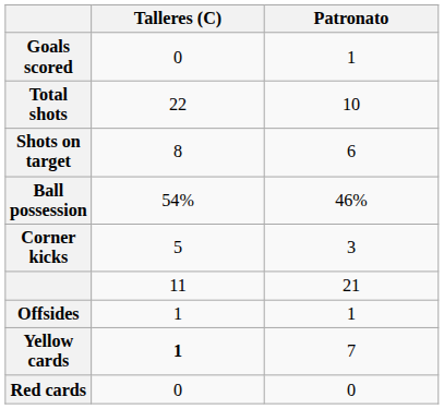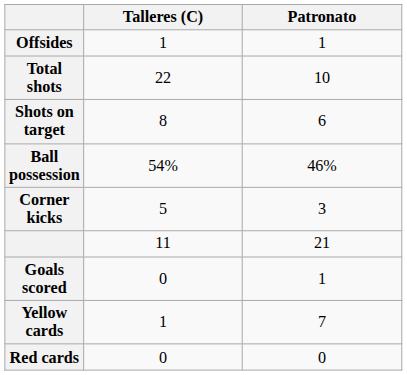 <table class="wikitable" style="text-align: center; margin: 0 auto;">
 <tr>
 <th scope="col" style="width:70px"></th>
 <th scope="col" style="width:150px">Talleres (C)</th>
 <th scope="col" style="width:150px">Patronato</th>
 </tr>
 <tr>
-<th scope=row>Goals scored</th>
-<td>0</td>
+<th scope=row>Offsides</th>
+<td>1</td>
 <td>1</td>
 </tr>
 <tr>
 <th scope=row>Total shots</th>
 <td>22</td>
 <td>10</td>
 </tr>
 <tr>
 <th scope=row>Shots on target</th>
 <td>8</td>
 <td>6</td>
 </tr>
 <tr>
 <th scope=row>Ball possession</th>
 <td>54%</td>
 <td>46%</td>
 </tr>
 <tr>
 <th scope=row>Corner kicks</th>
 <td>5</td>
 <td>3</td>
 </tr>
 <tr>
 <th scope=row></th>
 <td>11</td>
 <td>21</td>
 </tr>
 <tr>
-<th scope=row>Offsides</th>
-<td>1</td>
+<th scope=row>Goals scored</th>
+<td>0</td>
 <td>1</td>
 </tr>
 <tr>
 <th scope=row>Yellow cards</th>
-<td><strong>1</strong></td>
+<td>1</td>
 <td>7</td>
 </tr>
 <tr>
 <th scope=row>Red cards</th>
 <td>0</td>
 <td>0</td>
 </tr>
 </table>
